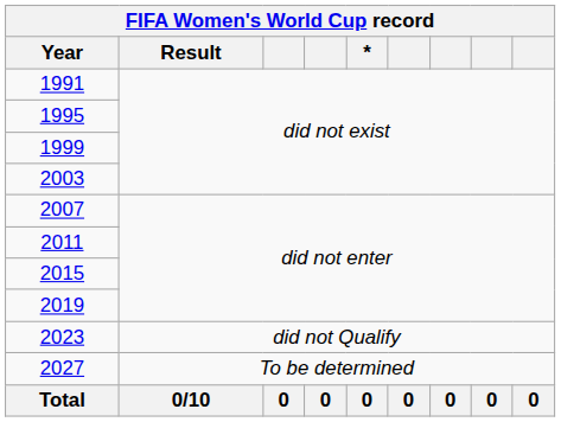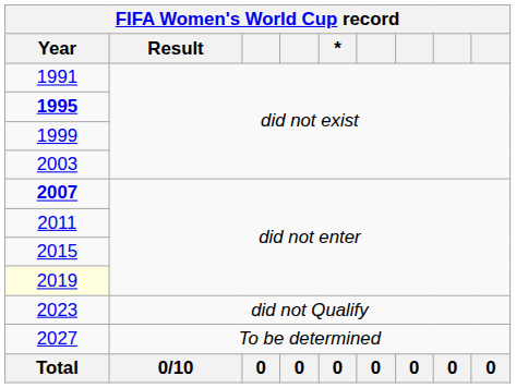 <table class="wikitable" style="text-align: center; width:50%;">
 <tr>
 <th colspan=10><a href='#'>FIFA Women's World Cup</a> record</th>
 </tr>
 <tr>
 <th>Year</th>
 <th>Result</th>
 <th></th>
 <th></th>
 <th>*</th>
 <th></th>
 <th></th>
 <th></th>
 <th></th>
 </tr>
 <tr>
 <td> <a href='#'>1991</a></td>
 <td rowspan=4 colspan=8><em>did not exist</em></td>
 </tr>
 <tr>
-<td> <a href='#'>1995</a></td>
+<td><strong> <a href='#'>1995</a></strong></td>
 </tr>
 <tr>
 <td> <a href='#'>1999</a></td>
 </tr>
 <tr>
 <td> <a href='#'>2003</a></td>
 </tr>
 <tr>
-<td> <a href='#'>2007</a></td>
+<td><strong> <a href='#'>2007</a></strong></td>
 <td rowspan=4 colspan=8><em>did not enter</em></td>
 </tr>
 <tr>
 <td> <a href='#'>2011</a></td>
 </tr>
 <tr>
 <td> <a href='#'>2015</a></td>
 </tr>
 <tr>
-<td> <a href='#'>2019</a></td>
+<td style="background: lightyellow;"> <a href='#'>2019</a></td>
 </tr>
 <tr>
 <td> <a href='#'>2023</a></td>
 <td colspan=8><em>did not Qualify</em></td>
 </tr>
 <tr>
 <td> <a href='#'>2027</a></td>
 <td colspan=8><em>To be determined</em></td>
 </tr>
 <tr>
 <th>Total</th>
 <th>0/10</th>
 <th>0</th>
 <th>0</th>
 <th>0</th>
 <th>0</th>
 <th>0</th>
 <th>0</th>
 <th>0</th>
 </tr>
 </table>
